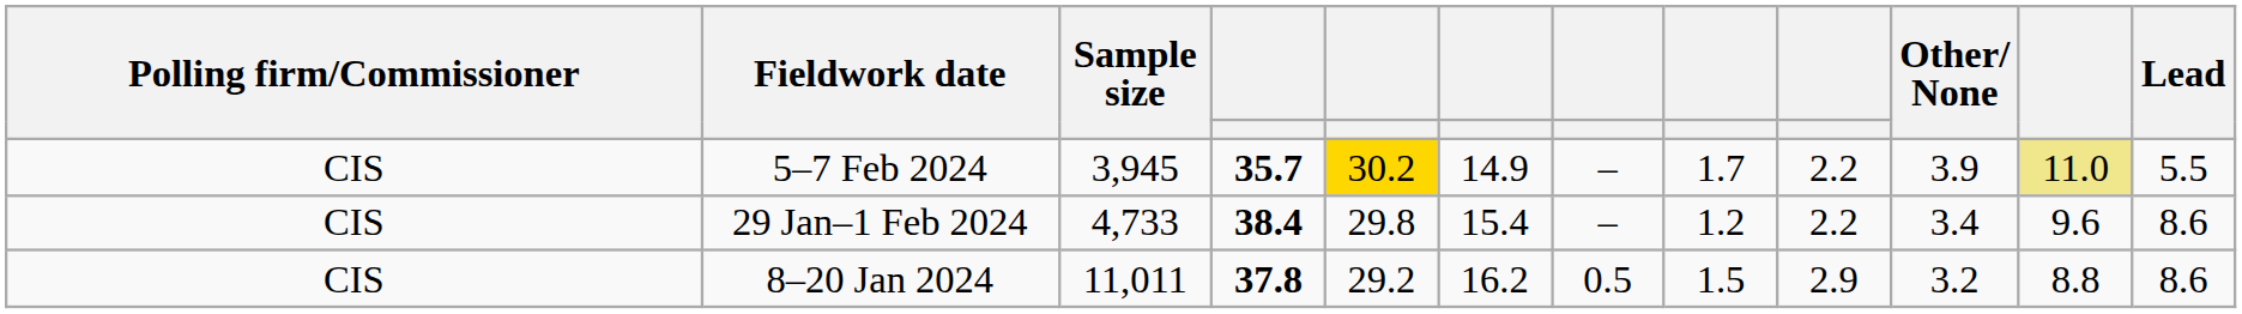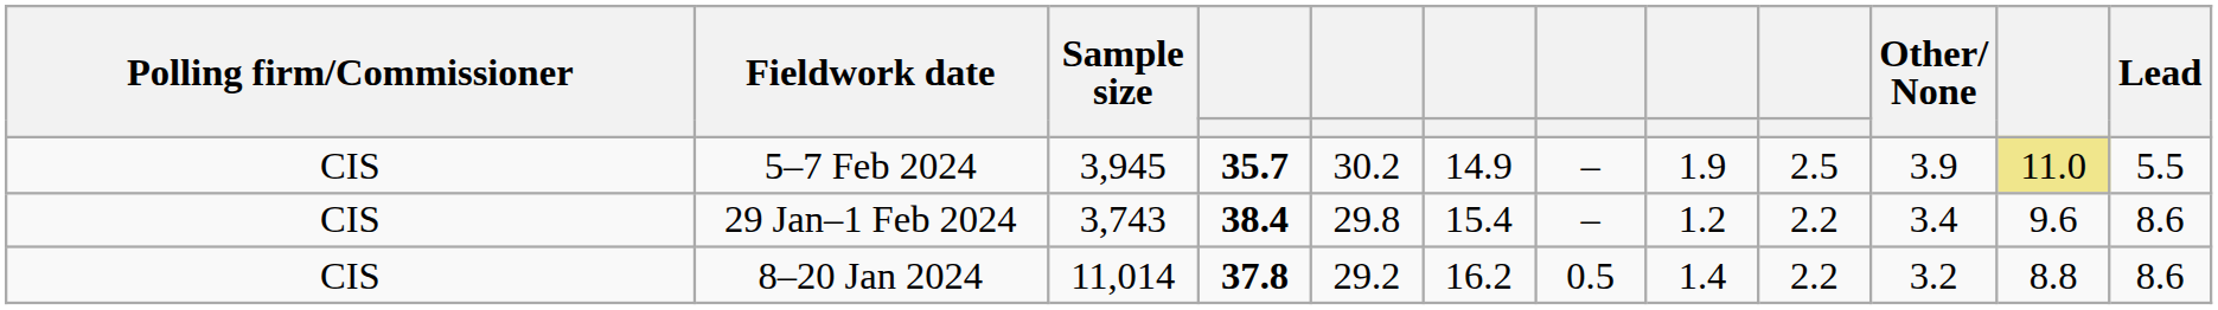 <table class="wikitable collapsible collapsed" style="text-align:center; font-size:90%; line-height:14px;">
 <tr style="height:42px;">
 <th style="width:250px;" rowspan="2">Polling firm/Commissioner</th>
 <th style="width:125px;" rowspan="2">Fieldwork date</th>
 <th style="width:50px;" rowspan="2">Sample size</th>
 <th style="width:35px;"></th>
 <th style="width:35px;"></th>
 <th style="width:35px;"></th>
 <th style="width:35px;"></th>
 <th style="width:35px;"></th>
 <th style="width:35px;"></th>
 <th style="width:35px;" rowspan="2">Other/<br>None</th>
 <th style="width:35px;" rowspan="2"></th>
 <th style="width:30px;" rowspan="2">Lead</th>
 </tr>
 <tr>
 <th style="color:inherit;background:"></th>
 <th style="color:inherit;background:"></th>
 <th style="color:inherit;background:"></th>
 <th style="color:inherit;background:"></th>
 <th style="color:inherit;background:"></th>
 <th style="color:inherit;background:"></th>
 </tr>
 <tr>
 <td>CIS</td>
 <td>5–7 Feb 2024</td>
 <td>3,945</td>
 <td><strong>35.7</strong></td>
-<td style="background: gold;">30.2</td>
+<td>30.2</td>
 <td>14.9</td>
 <td>–</td>
-<td>1.7</td>
-<td>2.2</td>
+<td>1.9</td>
+<td>2.5</td>
 <td>3.9</td>
 <td style="background: khaki;">11.0</td>
 <td style="background:">5.5</td>
 </tr>
 <tr>
 <td>CIS</td>
 <td>29 Jan–1 Feb 2024</td>
-<td>4,733</td>
+<td>3,743</td>
 <td><strong>38.4</strong></td>
 <td>29.8</td>
 <td>15.4</td>
 <td>–</td>
 <td>1.2</td>
 <td>2.2</td>
 <td>3.4</td>
 <td>9.6</td>
 <td style="background:">8.6</td>
 </tr>
 <tr>
 <td>CIS</td>
 <td>8–20 Jan 2024</td>
-<td>11,011</td>
+<td>11,014</td>
 <td><strong>37.8</strong></td>
 <td>29.2</td>
 <td>16.2</td>
 <td>0.5</td>
-<td>1.5</td>
-<td>2.9</td>
+<td>1.4</td>
+<td>2.2</td>
 <td>3.2</td>
 <td>8.8</td>
 <td style="background:">8.6</td>
 </tr>
 </table>
